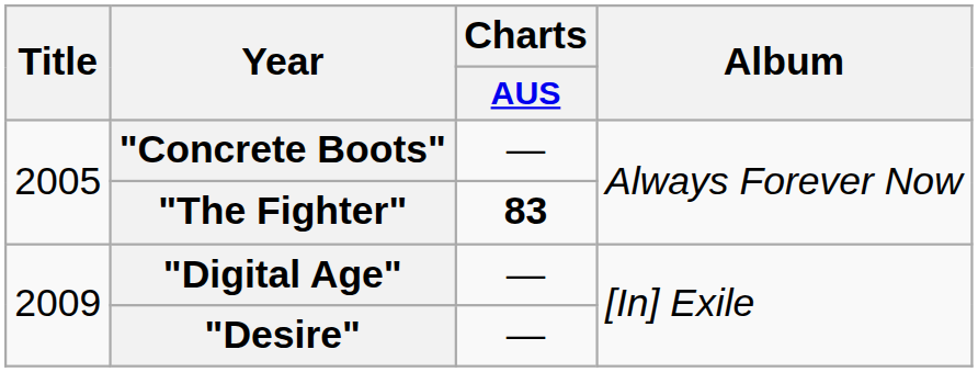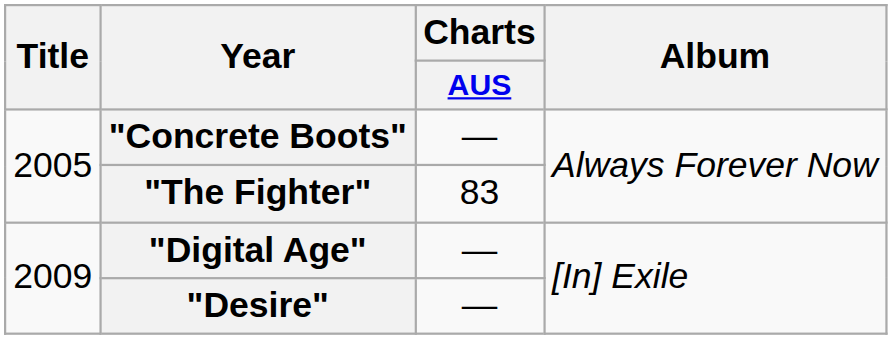 <table class="wikitable plainrowheaders">
 <tr>
 <th scope="col" rowspan="2">Title</th>
 <th scope="col" rowspan="2">Year</th>
 <th scope="col" colspan="1">Charts</th>
 <th scope="col" rowspan="2">Album</th>
 </tr>
 <tr>
 <th style="width:3em;font-size:85%"><a href='#'>AUS</a><br></th>
 </tr>
 <tr>
 <td rowspan="2">2005</td>
 <th scope="row">"Concrete Boots"</th>
 <td style="text-align:center;">—</td>
 <td rowspan="2"><em>Always Forever Now</em></td>
 </tr>
 <tr>
 <th scope="row">"The Fighter"</th>
-<td style="text-align:center;"><strong>83</strong></td>
+<td style="text-align:center;">83</td>
 </tr>
 <tr>
 <td rowspan="2">2009</td>
 <th scope="row">"Digital Age"</th>
 <td style="text-align:center;">—</td>
 <td rowspan="2"><em>[In] Exile</em></td>
 </tr>
 <tr>
 <th scope="row">"Desire"</th>
 <td style="text-align:center;">—</td>
 </tr>
 </table>
